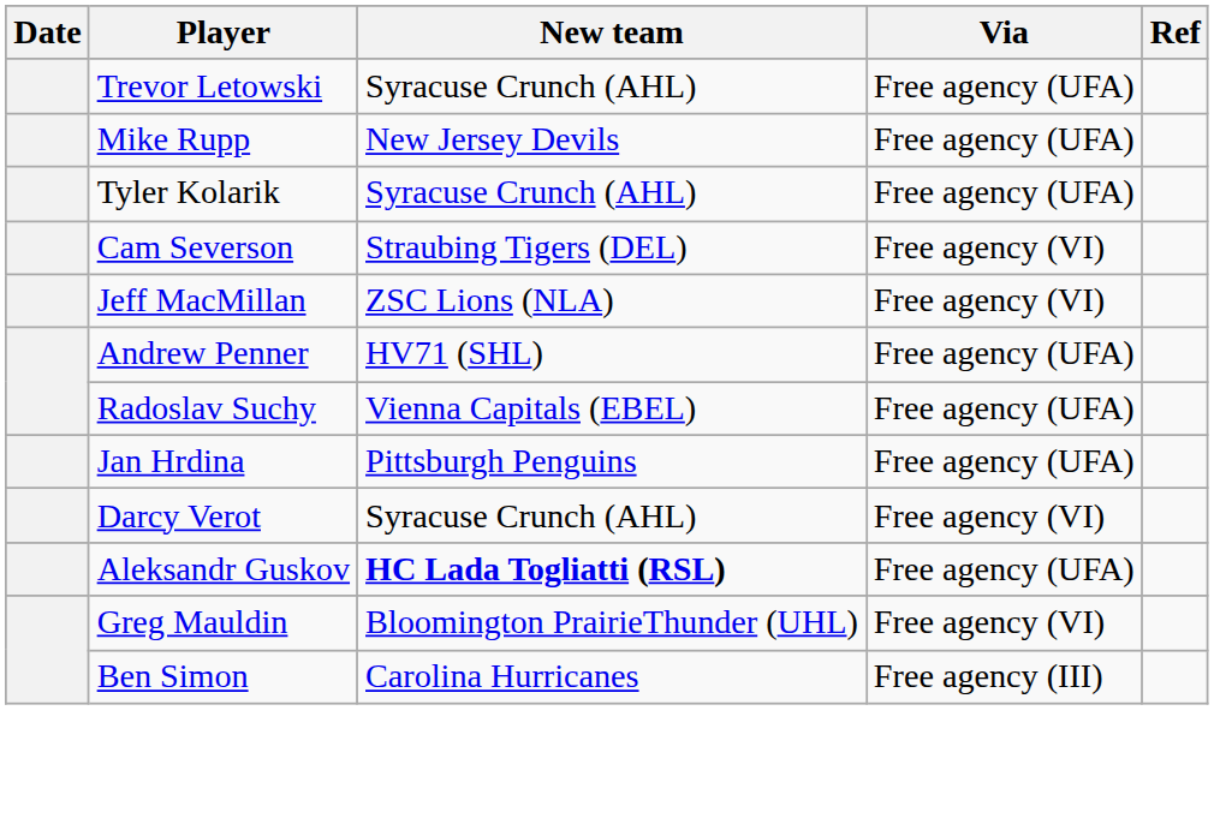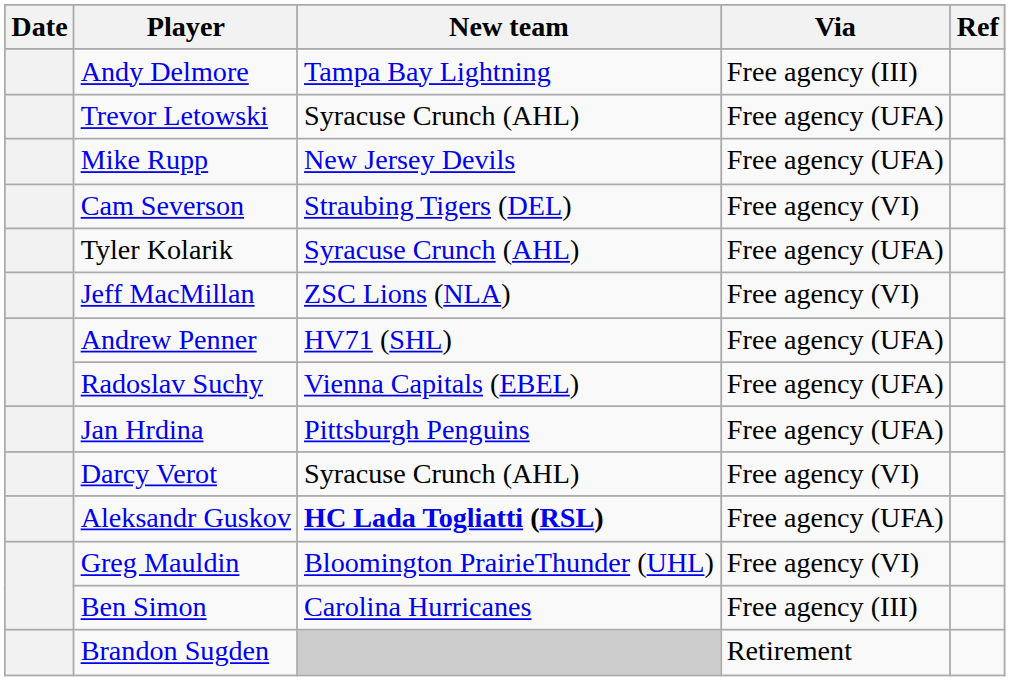 <table class="wikitable plainrowheaders">
 <tr style="background:#ddd; text-align:center;">
 <th>Date</th>
 <th>Player</th>
 <th>New team</th>
 <th>Via</th>
 <th>Ref</th>
+</tr>
+<tr>
+<th scope="row"></th>
+<td><a href='#'>Andy Delmore</a></td>
+<td><a href='#'>Tampa Bay Lightning</a></td>
+<td>Free agency (III)</td>
+<td></td>
 </tr>
 <tr>
 <th scope="row"></th>
 <td><a href='#'>Trevor Letowski</a></td>
 <td>Syracuse Crunch (AHL)</td>
 <td>Free agency (UFA)</td>
 <td></td>
 </tr>
 <tr>
 <th scope="row"></th>
 <td><a href='#'>Mike Rupp</a></td>
 <td><a href='#'>New Jersey Devils</a></td>
 <td>Free agency (UFA)</td>
 <td></td>
 </tr>
 <tr>
 <th scope="row"></th>
-<td>Tyler Kolarik</td>
-<td><a href='#'>Syracuse Crunch</a> (<a href='#'>AHL</a>)</td>
-<td>Free agency (UFA)</td>
+<td><a href='#'>Cam Severson</a></td>
+<td><a href='#'>Straubing Tigers</a> (<a href='#'>DEL</a>)</td>
+<td>Free agency (VI)</td>
 <td></td>
 </tr>
 <tr>
 <th scope="row"></th>
-<td><a href='#'>Cam Severson</a></td>
-<td><a href='#'>Straubing Tigers</a> (<a href='#'>DEL</a>)</td>
-<td>Free agency (VI)</td>
+<td>Tyler Kolarik</td>
+<td><a href='#'>Syracuse Crunch</a> (<a href='#'>AHL</a>)</td>
+<td>Free agency (UFA)</td>
 <td></td>
 </tr>
 <tr>
 <th scope="row"></th>
 <td><a href='#'>Jeff MacMillan</a></td>
 <td><a href='#'>ZSC Lions</a> (<a href='#'>NLA</a>)</td>
 <td>Free agency (VI)</td>
 <td></td>
 </tr>
 <tr>
 <th scope="row" rowspan=2></th>
 <td><a href='#'>Andrew Penner</a></td>
 <td><a href='#'>HV71</a> (<a href='#'>SHL</a>)</td>
 <td>Free agency (UFA)</td>
 <td></td>
 </tr>
 <tr>
 <td><a href='#'>Radoslav Suchy</a></td>
 <td><a href='#'>Vienna Capitals</a> (<a href='#'>EBEL</a>)</td>
 <td>Free agency (UFA)</td>
 <td></td>
 </tr>
 <tr>
 <th scope="row"></th>
 <td><a href='#'>Jan Hrdina</a></td>
 <td><a href='#'>Pittsburgh Penguins</a></td>
 <td>Free agency (UFA)</td>
 <td></td>
 </tr>
 <tr>
 <th scope="row"></th>
 <td><a href='#'>Darcy Verot</a></td>
 <td>Syracuse Crunch (AHL)</td>
 <td>Free agency (VI)</td>
 <td></td>
 </tr>
 <tr>
 <th scope="row"></th>
 <td><a href='#'>Aleksandr Guskov</a></td>
 <td><strong><a href='#'>HC Lada Togliatti</a> (<a href='#'>RSL</a>)</strong></td>
 <td>Free agency (UFA)</td>
 <td></td>
 </tr>
 <tr>
 <th scope="row" rowspan=2></th>
 <td><a href='#'>Greg Mauldin</a></td>
 <td><a href='#'>Bloomington PrairieThunder</a> (<a href='#'>UHL</a>)</td>
 <td>Free agency (VI)</td>
 <td></td>
 </tr>
 <tr>
 <td><a href='#'>Ben Simon</a></td>
 <td><a href='#'>Carolina Hurricanes</a></td>
 <td>Free agency (III)</td>
 <td></td>
 </tr>
+<tr>
+<th scope="row"></th>
+<td><a href='#'>Brandon Sugden</a></td>
+<td style="background:#ccc"></td>
+<td>Retirement</td>
+<td></td>
+</tr>
 </table>
